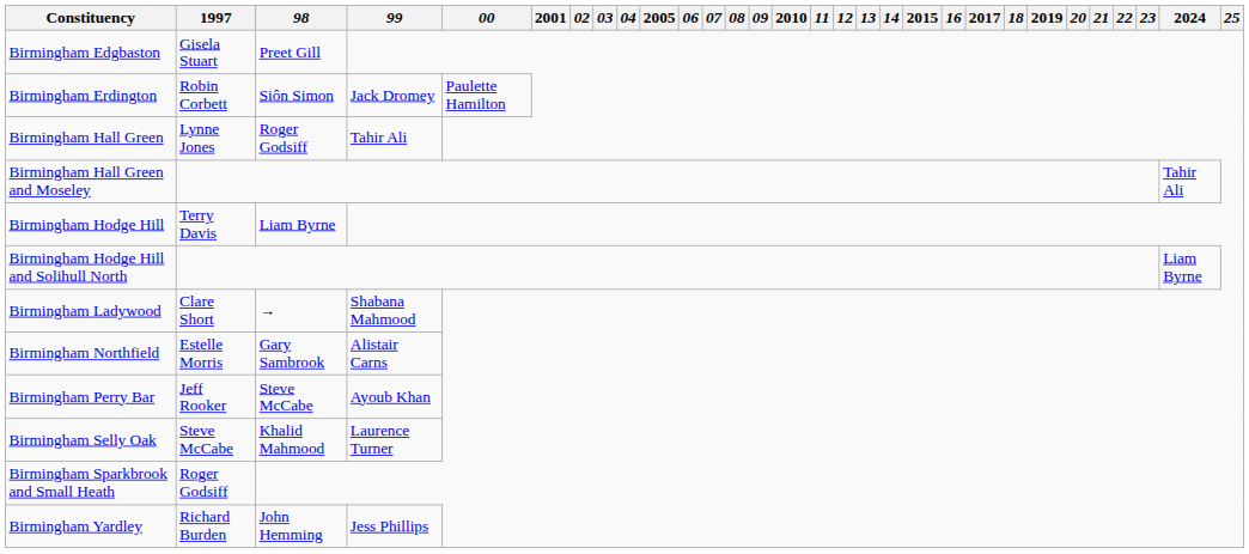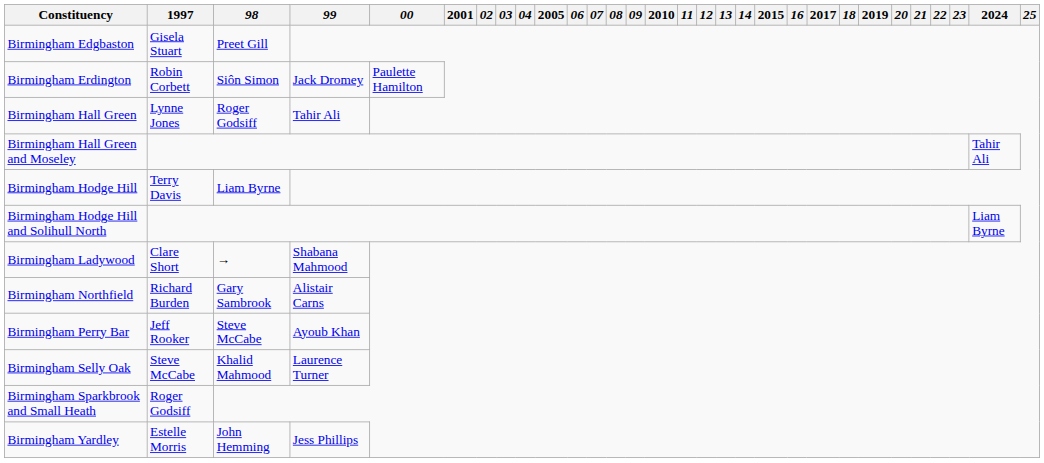 <table class="wikitable">
 <tr>
 <th>Constituency</th>
 <th>1997</th>
 <th><em>98</em></th>
 <th><em>99</em></th>
 <th><em>00</em></th>
 <th>2001</th>
 <th><em>02</em></th>
 <th><em>03</em></th>
 <th><em>04</em></th>
 <th>2005</th>
 <th><em>06</em></th>
 <th><em>07</em></th>
 <th><em>08</em></th>
 <th><em>09</em></th>
 <th>2010</th>
 <th><em>11</em></th>
 <th><em>12</em></th>
 <th><em>13</em></th>
 <th><em>14</em></th>
 <th>2015</th>
 <th><em>16</em></th>
 <th>2017</th>
 <th><em>18</em></th>
 <th>2019</th>
 <th><em>20</em></th>
 <th><em>21</em></th>
 <th><em>22</em></th>
 <th><em>23</em></th>
 <th>2024</th>
 <th><em>25</em></th>
 </tr>
 <tr>
 <td><a href='#'>Birmingham Edgbaston</a></td>
 <td><a href='#'>Gisela Stuart</a></td>
 <td><a href='#'>Preet Gill</a></td>
 </tr>
 <tr>
 <td><a href='#'>Birmingham Erdington</a></td>
 <td><a href='#'>Robin Corbett</a></td>
 <td><a href='#'>Siôn Simon</a></td>
 <td><a href='#'>Jack Dromey</a></td>
 <td><a href='#'>Paulette Hamilton</a></td>
 </tr>
 <tr>
 <td><a href='#'>Birmingham Hall Green</a></td>
 <td><a href='#'>Lynne Jones</a></td>
 <td><a href='#'>Roger Godsiff</a></td>
 <td><a href='#'>Tahir Ali</a></td>
 </tr>
 <tr>
 <td><a href='#'>Birmingham Hall Green and Moseley</a></td>
 <td colspan="27"></td>
 <td><a href='#'>Tahir Ali</a></td>
 </tr>
 <tr>
 <td><a href='#'>Birmingham Hodge Hill</a></td>
 <td><a href='#'>Terry Davis</a></td>
 <td><a href='#'>Liam Byrne</a></td>
 </tr>
 <tr>
 <td><a href='#'>Birmingham Hodge Hill and Solihull North</a></td>
 <td colspan="27"></td>
 <td><a href='#'>Liam Byrne</a></td>
 </tr>
 <tr>
 <td><a href='#'>Birmingham Ladywood</a></td>
 <td><a href='#'>Clare Short</a></td>
 <td>→</td>
 <td><a href='#'>Shabana Mahmood</a></td>
 </tr>
 <tr>
 <td><a href='#'>Birmingham Northfield</a></td>
-<td><a href='#'>Estelle Morris</a></td>
+<td><a href='#'>Richard Burden</a></td>
 <td><a href='#'>Gary Sambrook</a></td>
 <td><a href='#'>Alistair Carns</a></td>
 </tr>
 <tr>
 <td><a href='#'>Birmingham Perry Bar</a></td>
 <td><a href='#'>Jeff Rooker</a></td>
 <td><a href='#'>Steve McCabe</a></td>
 <td><a href='#'>Ayoub Khan</a></td>
 </tr>
 <tr>
 <td><a href='#'>Birmingham Selly Oak</a></td>
 <td><a href='#'>Steve McCabe</a></td>
 <td><a href='#'>Khalid Mahmood</a></td>
 <td><a href='#'>Laurence Turner</a></td>
 </tr>
 <tr>
 <td><a href='#'>Birmingham Sparkbrook and Small Heath</a></td>
 <td><a href='#'>Roger Godsiff</a></td>
 </tr>
 <tr>
 <td><a href='#'>Birmingham Yardley</a></td>
-<td><a href='#'>Richard Burden</a></td>
+<td><a href='#'>Estelle Morris</a></td>
 <td><a href='#'>John Hemming</a></td>
 <td><a href='#'>Jess Phillips</a></td>
 </tr>
 </table>
